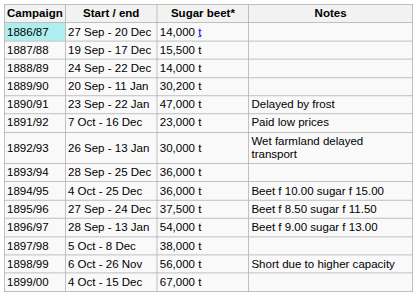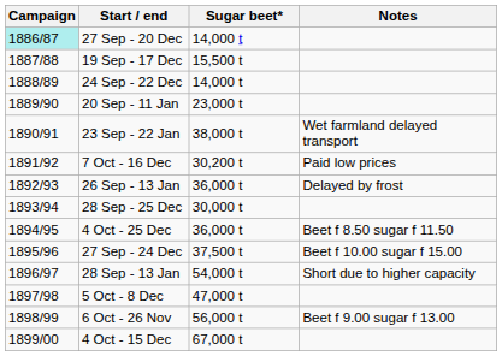 <table class="wikitable">
 <tr>
 <th width="75">Campaign</th>
 <th width="120">Start / end</th>
 <th width="120">Sugar beet*</th>
 <th width="220">Notes</th>
 </tr>
 <tr>
 <td style="background: paleturquoise;">1886/87</td>
 <td>27 Sep - 20 Dec</td>
 <td>14,000 <a href='#'>t</a></td>
 <td></td>
 </tr>
 <tr>
 <td>1887/88</td>
 <td>19 Sep - 17 Dec</td>
 <td>15,500 t </td>
 <td></td>
 </tr>
 <tr>
 <td>1888/89</td>
 <td>24 Sep - 22 Dec</td>
 <td>14,000 t </td>
 </tr>
 <tr>
 <td>1889/90</td>
 <td>20 Sep - 11 Jan</td>
-<td>30,200 t</td>
+<td>23,000 t</td>
 <td></td>
 </tr>
 <tr>
 <td>1890/91</td>
 <td>23 Sep - 22 Jan</td>
-<td>47,000 t</td>
-<td>Delayed by frost</td>
+<td>38,000 t</td>
+<td>Wet farmland delayed transport</td>
 </tr>
 <tr>
 <td>1891/92</td>
 <td>7 Oct - 16 Dec</td>
-<td>23,000 t</td>
+<td>30,200 t</td>
 <td>Paid low prices</td>
 </tr>
 <tr>
 <td>1892/93</td>
 <td>26 Sep - 13 Jan</td>
-<td>30,000 t</td>
-<td>Wet farmland delayed transport</td>
+<td>36,000 t</td>
+<td>Delayed by frost</td>
 </tr>
 <tr>
 <td>1893/94</td>
 <td>28 Sep - 25 Dec</td>
-<td>36,000 t</td>
+<td>30,000 t</td>
 <td></td>
 </tr>
 <tr>
 <td>1894/95</td>
 <td>4 Oct - 25 Dec</td>
 <td>36,000 t</td>
-<td>Beet f 10.00 sugar f 15.00</td>
+<td>Beet f 8.50 sugar f 11.50</td>
 </tr>
 <tr>
 <td>1895/96</td>
 <td>27 Sep - 24 Dec</td>
 <td>37,500 t </td>
-<td>Beet f 8.50 sugar f 11.50</td>
+<td>Beet f 10.00 sugar f 15.00</td>
 </tr>
 <tr>
 <td>1896/97</td>
 <td>28 Sep - 13 Jan</td>
 <td>54,000 t</td>
-<td>Beet f 9.00 sugar f 13.00</td>
+<td>Short due to higher capacity</td>
 </tr>
 <tr>
 <td>1897/98</td>
 <td>5 Oct - 8 Dec</td>
-<td>38,000 t</td>
+<td>47,000 t</td>
 <td></td>
 </tr>
 <tr>
 <td>1898/99</td>
 <td>6 Oct - 26 Nov</td>
 <td>56,000 t</td>
-<td>Short due to higher capacity</td>
+<td>Beet f 9.00 sugar f 13.00</td>
 </tr>
 <tr>
 <td>1899/00</td>
 <td>4 Oct - 15 Dec</td>
 <td>67,000 t</td>
 <td></td>
 </tr>
 </table>
